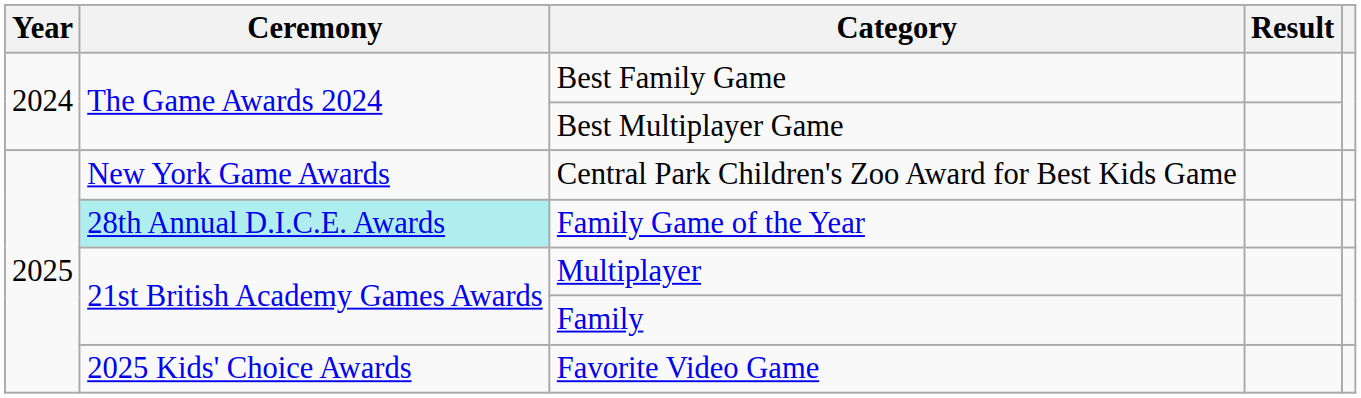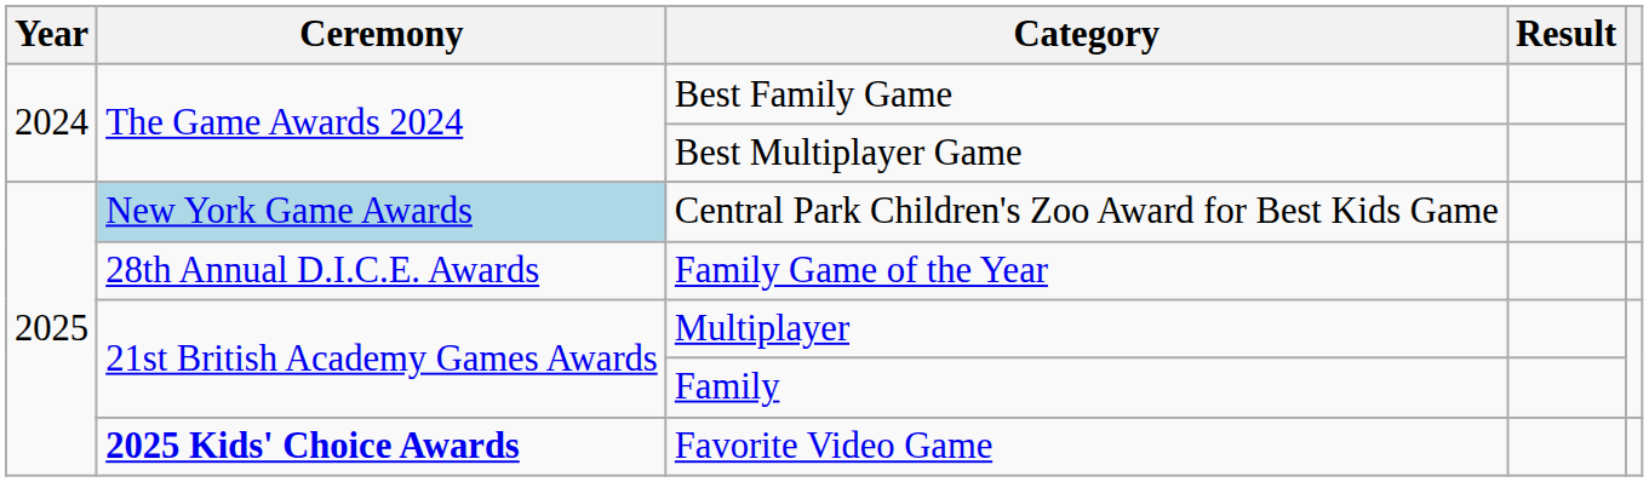 <table class="wikitable plainrowheaders sortable" width="auto">
 <tr>
 <th scope="col">Year</th>
 <th scope="col">Ceremony</th>
 <th scope="col">Category</th>
 <th scope="col">Result</th>
 <th scope="col" class="unsortable"></th>
 </tr>
 <tr>
 <td rowspan="2" style="text-align:center;">2024</td>
 <td rowspan="2"><a href='#'>The Game Awards 2024</a></td>
 <td>Best Family Game</td>
 <td></td>
 <td rowspan="2" style="text-align:center;"></td>
 </tr>
 <tr>
 <td>Best Multiplayer Game</td>
 <td></td>
 </tr>
 <tr>
 <td rowspan="5" style="text-align:center;">2025</td>
-<td><a href='#'>New York Game Awards</a></td>
+<td style="background: lightblue;"><a href='#'>New York Game Awards</a></td>
 <td>Central Park Children's Zoo Award for Best Kids Game</td>
 <td></td>
 <td style="text-align:center;"></td>
 </tr>
 <tr>
-<td style="background: paleturquoise;"><a href='#'>28th Annual D.I.C.E. Awards</a></td>
+<td><a href='#'>28th Annual D.I.C.E. Awards</a></td>
 <td><a href='#'>Family Game of the Year</a></td>
 <td></td>
 <td style="text-align:center;"></td>
 </tr>
 <tr>
 <td rowspan="2"><a href='#'>21st British Academy Games Awards</a></td>
 <td><a href='#'>Multiplayer</a></td>
 <td></td>
 <td align="center" rowspan="2"></td>
 </tr>
 <tr>
 <td><a href='#'>Family</a></td>
 <td></td>
 </tr>
 <tr>
-<td><a href='#'>2025 Kids' Choice Awards</a></td>
+<td><strong><a href='#'>2025 Kids' Choice Awards</a></strong></td>
 <td><a href='#'>Favorite Video Game</a></td>
 <td></td>
 <td style="text-align:center;"></td>
 </tr>
 </table>
